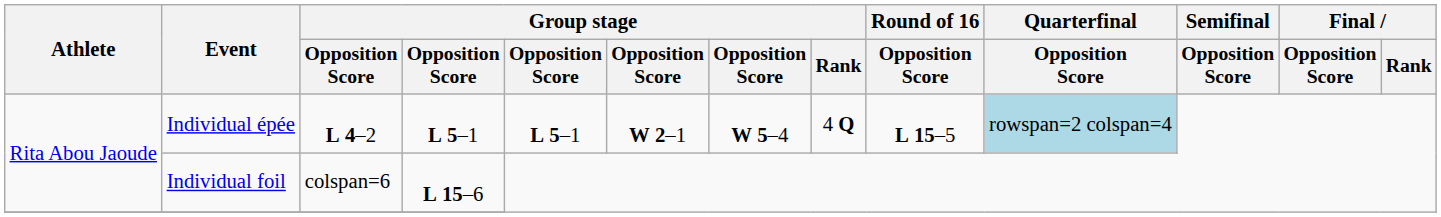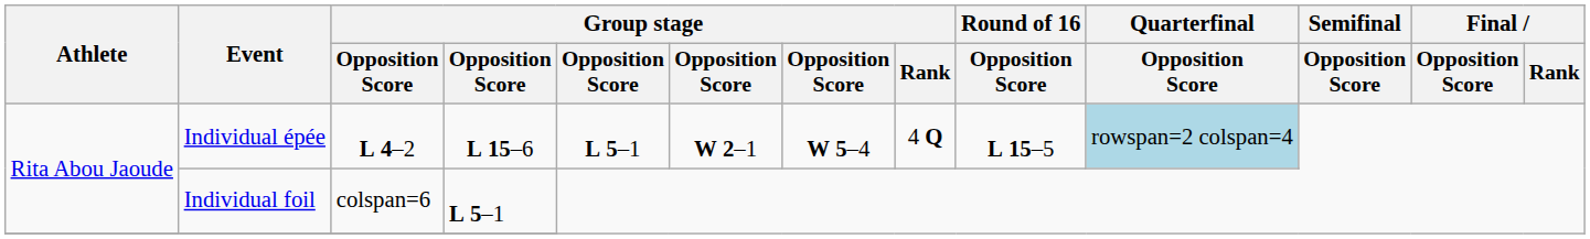 <table class=wikitable style="font-size:90%">
 <tr>
 <th rowspan=2>Athlete</th>
 <th rowspan=2>Event</th>
 <th colspan=6>Group stage</th>
 <th>Round of 16</th>
 <th>Quarterfinal</th>
 <th>Semifinal</th>
 <th colspan=2>Final / </th>
 </tr>
 <tr style="font-size:95%">
 <th>Opposition<br>Score</th>
 <th>Opposition<br>Score</th>
 <th>Opposition<br>Score</th>
 <th>Opposition<br>Score</th>
 <th>Opposition<br>Score</th>
 <th>Rank</th>
 <th>Opposition<br>Score</th>
 <th>Opposition<br>Score</th>
 <th>Opposition<br>Score</th>
 <th>Opposition<br>Score</th>
 <th>Rank</th>
 </tr>
 <tr align=center>
 <td align=left rowspan=2><a href='#'>Rita Abou Jaoude</a></td>
 <td align=left><a href='#'>Individual épée</a></td>
 <td><br><strong>L</strong> <strong>4</strong>–2</td>
-<td><br><strong>L</strong> <strong>5</strong>–1</td>
+<td align=center><br><strong>L</strong> <strong>15</strong>–6</td>
 <td><br><strong>L</strong> <strong>5</strong>–1</td>
 <td><br><strong>W</strong> <strong>2</strong>–1</td>
 <td><br><strong>W</strong> <strong>5</strong>–4</td>
 <td>4 <strong>Q</strong></td>
 <td><br><strong>L</strong> <strong>15</strong>–5</td>
 <td style="background: lightblue;">rowspan=2 colspan=4 </td>
 </tr>
 <tr>
 <td align=left><a href='#'>Individual foil</a></td>
 <td>colspan=6 </td>
-<td align=center><br><strong>L</strong> <strong>15</strong>–6</td>
+<td><br><strong>L</strong> <strong>5</strong>–1</td>
 </tr>
 <tr>
 </tr>
 </table>
